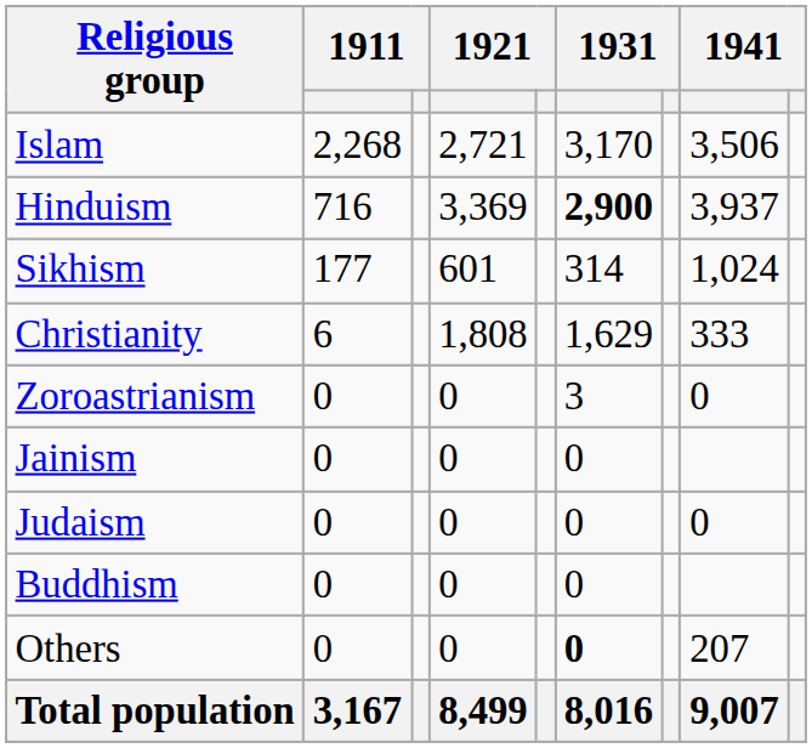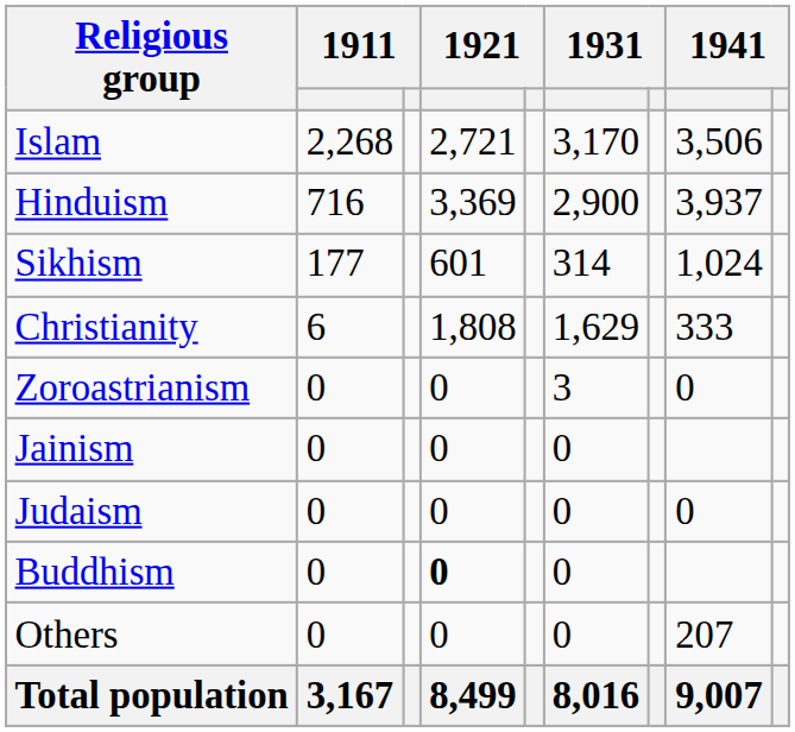 <table class="wikitable collapsible sortable">
 <tr>
 <th rowspan="2"><a href='#'>Religious</a><br>group</th>
 <th colspan="2">1911</th>
 <th colspan="2">1921</th>
 <th colspan="2">1931</th>
 <th colspan="2">1941</th>
 </tr>
 <tr>
 <th><a href='#'></a></th>
 <th></th>
 <th></th>
 <th></th>
 <th></th>
 <th></th>
 <th></th>
 <th></th>
 </tr>
 <tr>
 <td><a href='#'>Islam</a> </td>
 <td>2,268</td>
 <td></td>
 <td>2,721</td>
 <td></td>
 <td>3,170</td>
 <td></td>
 <td>3,506</td>
 <td></td>
 </tr>
 <tr>
 <td><a href='#'>Hinduism</a> </td>
 <td>716</td>
 <td></td>
 <td>3,369</td>
 <td></td>
-<td><strong>2,900</strong></td>
+<td>2,900</td>
 <td></td>
 <td>3,937</td>
 <td></td>
 </tr>
 <tr>
 <td><a href='#'>Sikhism</a> </td>
 <td>177</td>
 <td></td>
 <td>601</td>
 <td></td>
 <td>314</td>
 <td></td>
 <td>1,024</td>
 <td></td>
 </tr>
 <tr>
 <td><a href='#'>Christianity</a> </td>
 <td>6</td>
 <td></td>
 <td>1,808</td>
 <td></td>
 <td>1,629</td>
 <td></td>
 <td>333</td>
 <td></td>
 </tr>
 <tr>
 <td><a href='#'>Zoroastrianism</a> </td>
 <td>0</td>
 <td></td>
 <td>0</td>
 <td></td>
 <td>3</td>
 <td></td>
 <td>0</td>
 <td></td>
 </tr>
 <tr>
 <td><a href='#'>Jainism</a> </td>
 <td>0</td>
 <td></td>
 <td>0</td>
 <td></td>
 <td>0</td>
 <td></td>
 <td></td>
 <td></td>
 </tr>
 <tr>
 <td><a href='#'>Judaism</a> </td>
 <td>0</td>
 <td></td>
 <td>0</td>
 <td></td>
 <td>0</td>
 <td></td>
 <td>0</td>
 <td></td>
 </tr>
 <tr>
 <td><a href='#'>Buddhism</a> </td>
 <td>0</td>
 <td></td>
-<td>0</td>
+<td><strong>0</strong></td>
 <td></td>
 <td>0</td>
 <td></td>
 <td></td>
 <td></td>
 </tr>
 <tr>
 <td>Others</td>
 <td>0</td>
 <td></td>
 <td>0</td>
 <td></td>
-<td><strong>0</strong></td>
+<td>0</td>
 <td></td>
 <td>207</td>
 <td></td>
 </tr>
 <tr>
 <th>Total population</th>
 <th>3,167</th>
 <th></th>
 <th>8,499</th>
 <th></th>
 <th>8,016</th>
 <th></th>
 <th>9,007</th>
 <th></th>
 </tr>
 </table>
